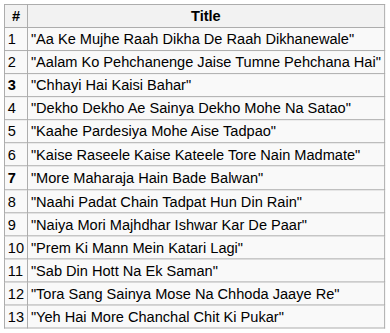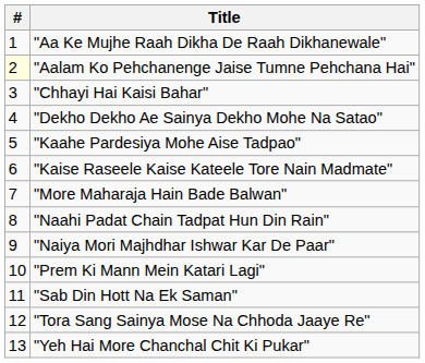 <table class="wikitable" style="font-size:95%;">
 <tr>
 <th>#</th>
 <th>Title</th>
 </tr>
 <tr>
 <td>1</td>
 <td>"Aa Ke Mujhe Raah Dikha De Raah Dikhanewale"</td>
 </tr>
 <tr>
-<td>2</td>
+<td style="background: lightyellow;">2</td>
 <td>"Aalam Ko Pehchanenge Jaise Tumne Pehchana Hai"</td>
 </tr>
 <tr>
-<td><strong>3</strong></td>
+<td>3</td>
 <td>"Chhayi Hai Kaisi Bahar"</td>
 </tr>
 <tr>
 <td>4</td>
 <td>"Dekho Dekho Ae Sainya Dekho Mohe Na Satao"</td>
 </tr>
 <tr>
 <td>5</td>
 <td>"Kaahe Pardesiya Mohe Aise Tadpao"</td>
 </tr>
 <tr>
 <td>6</td>
 <td>"Kaise Raseele Kaise Kateele Tore Nain Madmate"</td>
 </tr>
 <tr>
-<td><strong>7</strong></td>
+<td>7</td>
 <td>"More Maharaja Hain Bade Balwan"</td>
 </tr>
 <tr>
 <td>8</td>
 <td>"Naahi Padat Chain Tadpat Hun Din Rain"</td>
 </tr>
 <tr>
 <td>9</td>
 <td>"Naiya Mori Majhdhar Ishwar Kar De Paar"</td>
 </tr>
 <tr>
 <td>10</td>
 <td>"Prem Ki Mann Mein Katari Lagi"</td>
 </tr>
 <tr>
 <td>11</td>
 <td>"Sab Din Hott Na Ek Saman"</td>
 </tr>
 <tr>
 <td>12</td>
 <td>"Tora Sang Sainya Mose Na Chhoda Jaaye Re"</td>
 </tr>
 <tr>
 <td>13</td>
 <td>"Yeh Hai More Chanchal Chit Ki Pukar"</td>
 </tr>
 </table>
